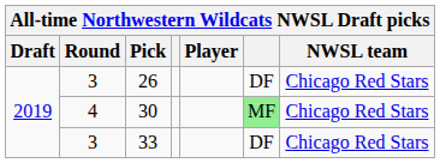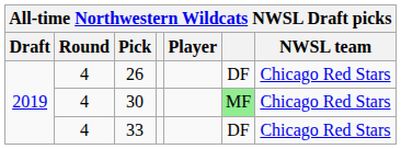 <table class="wikitable sortable" style="text-align: center;">
 <tr>
 <th colspan="7" style="background:#">All-time <a href='#'><span>Northwestern Wildcats</span></a> NWSL Draft picks</th>
 </tr>
 <tr>
 <th scope="col">Draft</th>
 <th scope="col">Round</th>
 <th scope="col">Pick</th>
 <th scope="col"></th>
 <th scope="col">Player</th>
 <th scope="col"></th>
 <th scope="col">NWSL team</th>
 </tr>
 <tr>
 <td rowspan="3"><a href='#'>2019</a></td>
-<td>3</td>
+<td>4</td>
 <td>26</td>
 <td></td>
 <td></td>
 <td>DF</td>
 <td><a href='#'>Chicago Red Stars</a></td>
 </tr>
 <tr>
 <td>4</td>
 <td>30</td>
 <td></td>
 <td></td>
 <td style="background: lightgreen;">MF</td>
 <td><a href='#'>Chicago Red Stars</a></td>
 </tr>
 <tr>
-<td>3</td>
+<td>4</td>
 <td>33</td>
 <td></td>
 <td></td>
 <td>DF</td>
 <td><a href='#'>Chicago Red Stars</a></td>
 </tr>
 </table>
